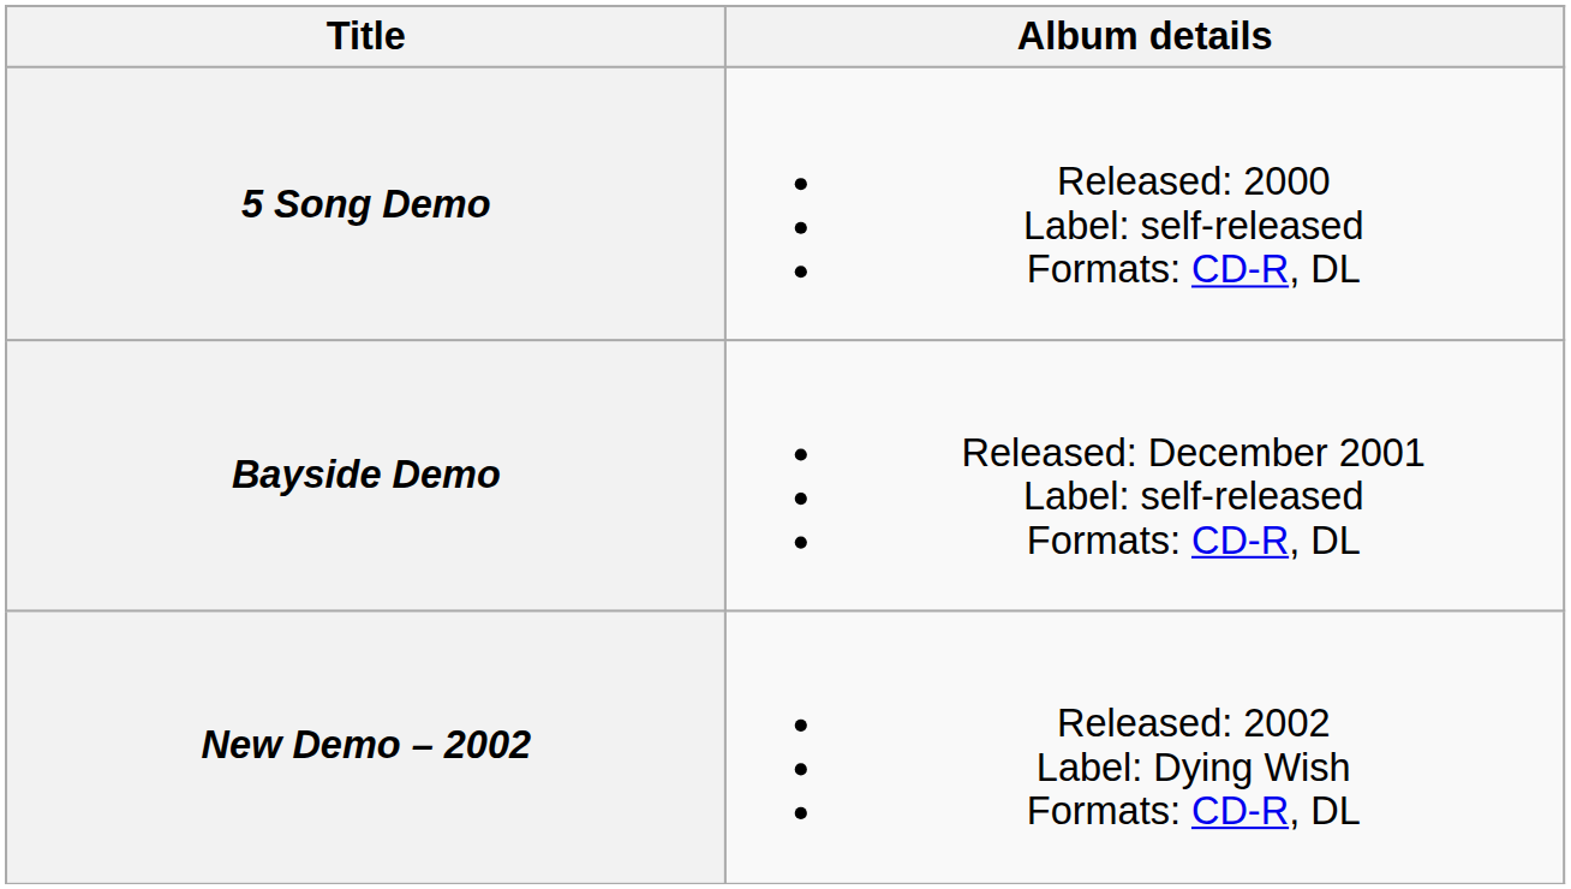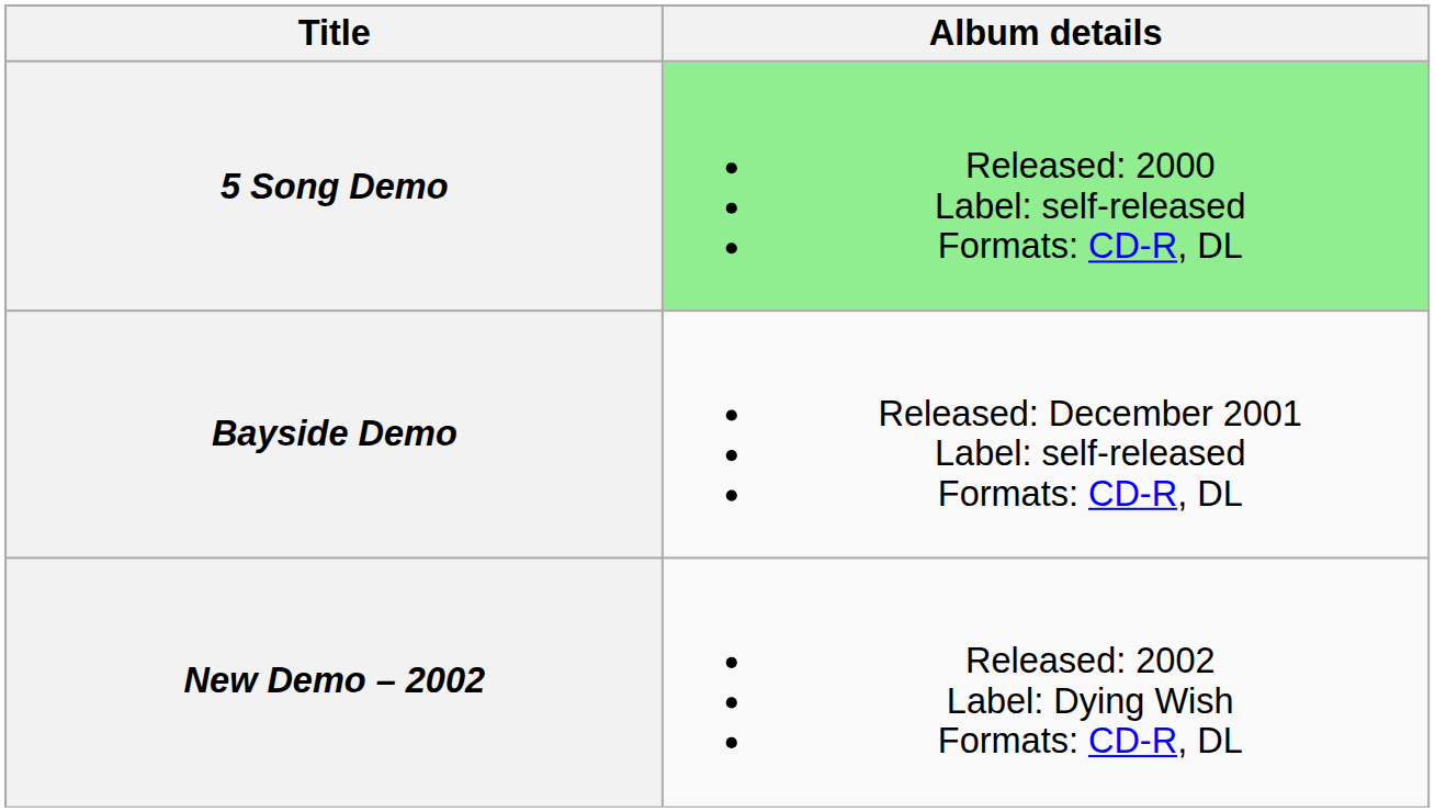 <table class="wikitable plainrowheaders" style="text-align:center;">
 <tr>
 <th scope="col" style="width:18em;">Title</th>
 <th scope="col" style="width:21em;">Album details</th>
 </tr>
 <tr>
 <th scope="row"><em>5 Song Demo</em></th>
-<td><br><ul><li>Released: 2000</li><li>Label: self-released</li><li>Formats: <a href='#'>CD-R</a>, DL</li></ul></td>
+<td style="background: lightgreen;"><br><ul><li>Released: 2000</li><li>Label: self-released</li><li>Formats: <a href='#'>CD-R</a>, DL</li></ul></td>
 </tr>
 <tr>
 <th scope="row"><em>Bayside Demo</em></th>
 <td><br><ul><li>Released: December 2001</li><li>Label: self-released</li><li>Formats: <a href='#'>CD-R</a>, DL</li></ul></td>
 </tr>
 <tr>
 <th scope="row"><em>New Demo – 2002</em></th>
 <td><br><ul><li>Released: 2002</li><li>Label: Dying Wish</li><li>Formats: <a href='#'>CD-R</a>, DL</li></ul></td>
 </tr>
 </table>
